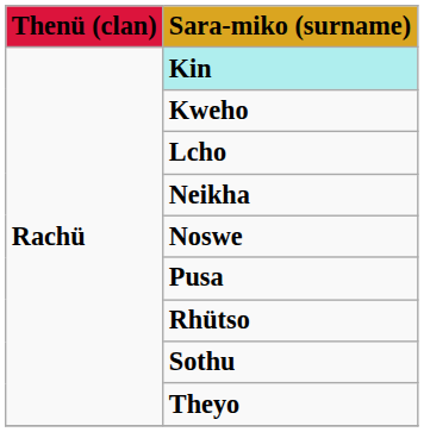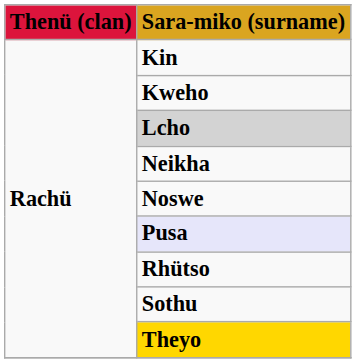 <table class="wikitable sortable">
 <tr>
 <th style="background-color:crimson"><strong>Thenü (clan)</strong></th>
 <th style="background-color:#DAA520"><strong>Sara-miko</strong> (surname)</th>
 </tr>
 <tr>
 <td rowspan=9><strong>Rachü</strong></td>
-<td style="background: paleturquoise;"><strong>Kin</strong></td>
+<td><strong>Kin</strong></td>
 </tr>
 <tr>
 <td><strong>Kweho</strong></td>
 </tr>
 <tr>
-<td><strong>Lcho</strong></td>
+<td style="background: lightgrey;"><strong>Lcho</strong></td>
 </tr>
 <tr>
 <td><strong>Neikha</strong></td>
 </tr>
 <tr>
 <td><strong>Noswe</strong></td>
 </tr>
 <tr>
-<td><strong>Pusa</strong></td>
+<td style="background: lavender;"><strong>Pusa</strong></td>
 </tr>
 <tr>
 <td><strong>Rhütso</strong></td>
 </tr>
 <tr>
 <td><strong>Sothu</strong></td>
 </tr>
 <tr>
-<td><strong>Theyo</strong></td>
+<td style="background: gold;"><strong>Theyo</strong></td>
 </tr>
 <tr>
 </tr>
 </table>
